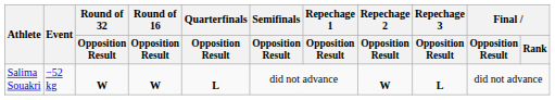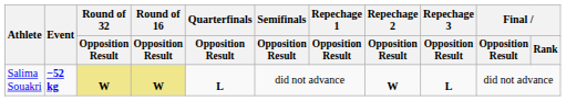 <table class="wikitable" style="font-size:90%">
 <tr>
 <th rowspan="2">Athlete</th>
 <th rowspan="2">Event</th>
 <th>Round of 32</th>
 <th>Round of 16</th>
 <th>Quarterfinals</th>
 <th>Semifinals</th>
 <th>Repechage 1</th>
 <th>Repechage 2</th>
 <th>Repechage 3</th>
 <th colspan=2>Final / </th>
 </tr>
 <tr style="font-size:95%">
 <th>Opposition<br>Result</th>
 <th>Opposition<br>Result</th>
 <th>Opposition<br>Result</th>
 <th>Opposition<br>Result</th>
 <th>Opposition<br>Result</th>
 <th>Opposition<br>Result</th>
 <th>Opposition<br>Result</th>
 <th>Opposition<br>Result</th>
 <th>Rank</th>
 </tr>
 <tr align=center>
 <td align=left><a href='#'>Salima Souakri</a></td>
-<td align=left><a href='#'>−52 kg</a></td>
-<td><br><strong>W</strong></td>
-<td><br><strong>W</strong></td>
+<td align=left><strong><a href='#'>−52 kg</a></strong></td>
+<td style="background: khaki;"><br><strong>W</strong></td>
+<td style="background: khaki;"><br><strong>W</strong></td>
 <td><br><strong>L</strong></td>
 <td colspan=2>did not advance</td>
 <td><br><strong>W</strong></td>
 <td><br><strong>L</strong></td>
 <td colspan=2>did not advance</td>
 </tr>
 </table>
